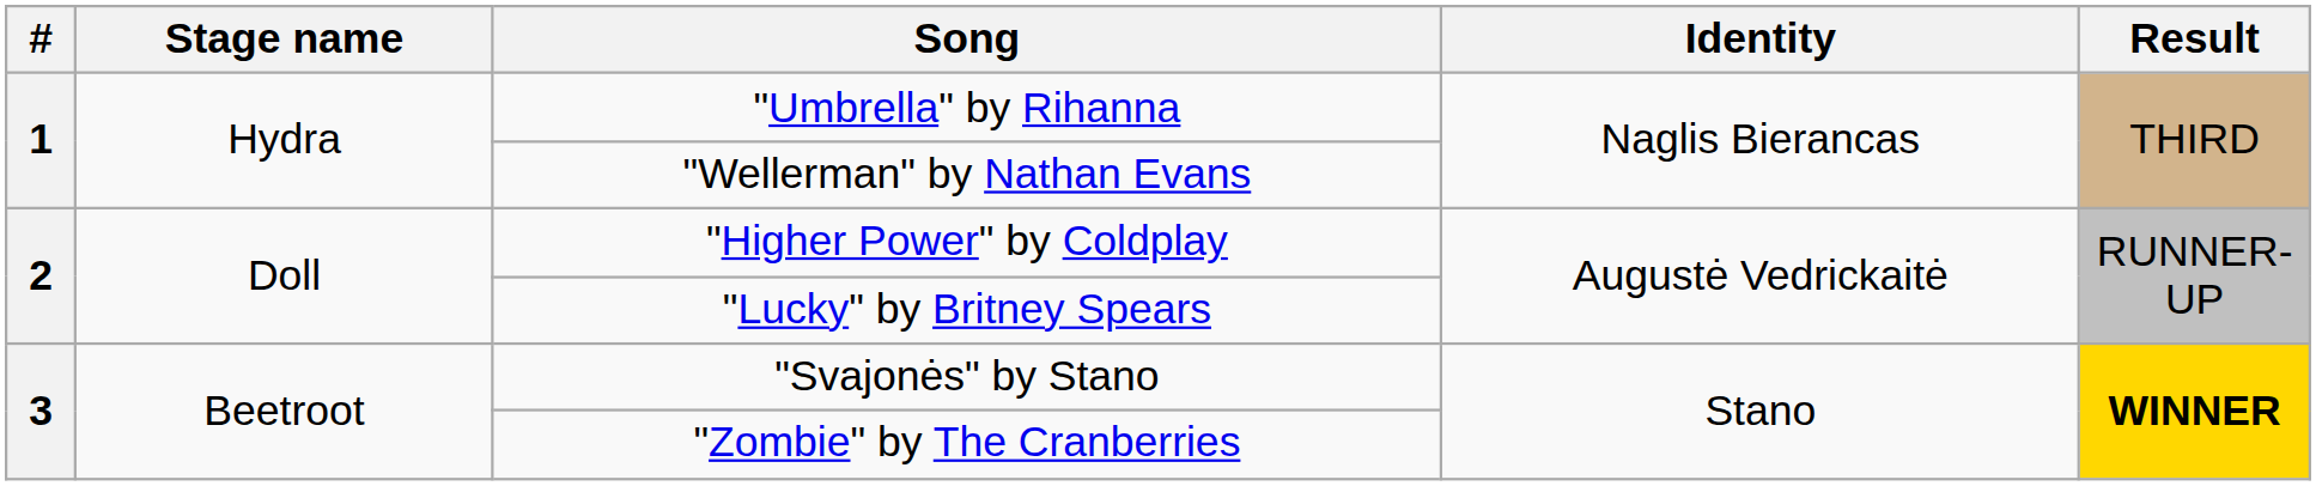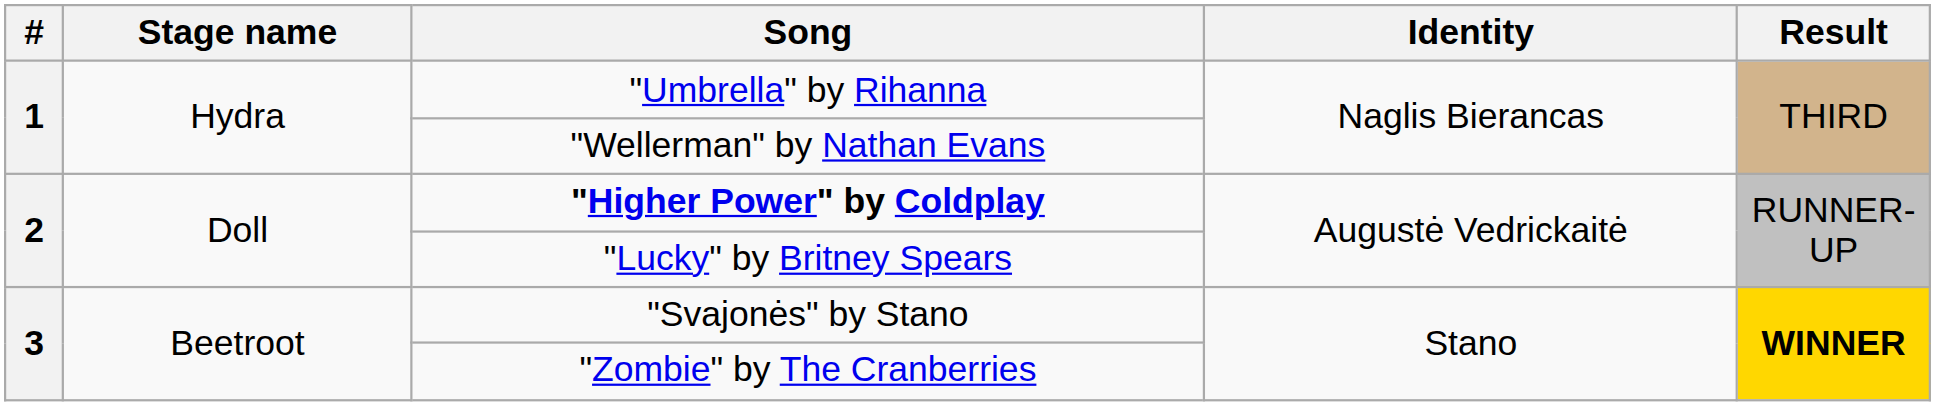 <table class="wikitable plainrowheaders" style="text-align: center;">
 <tr>
 <th>#</th>
 <th>Stage name</th>
 <th>Song</th>
 <th>Identity</th>
 <th>Result</th>
 </tr>
 <tr>
 <th rowspan="2">1</th>
 <td rowspan="2">Hydra</td>
 <td>"<a href='#'>Umbrella</a>" by <a href='#'>Rihanna</a></td>
 <td rowspan="2">Naglis Bierancas</td>
 <td rowspan="2" style="width:10%; background:tan; ">THIRD</td>
 </tr>
 <tr>
 <td>"Wellerman" by <a href='#'>Nathan Evans</a></td>
 </tr>
 <tr>
 <th rowspan="2">2</th>
 <td rowspan="2">Doll</td>
-<td>"<a href='#'>Higher Power</a>" by <a href='#'>Coldplay</a></td>
+<td><strong>"<a href='#'>Higher Power</a>" by <a href='#'>Coldplay</a></strong></td>
 <td rowspan="2">Augustė Vedrickaitė</td>
 <td rowspan="2"  bgcolor=silver>RUNNER-UP</td>
 </tr>
 <tr>
 <td>"<a href='#'>Lucky</a>" by <a href='#'>Britney Spears</a></td>
 </tr>
 <tr>
 <th rowspan="2">3</th>
 <td rowspan="2">Beetroot</td>
 <td>"Svajonės" by Stano</td>
 <td rowspan="2">Stano</td>
 <td rowspan="2" bgcolor=gold><strong>WINNER</strong></td>
 </tr>
 <tr>
 <td>"<a href='#'>Zombie</a>" by <a href='#'>The Cranberries</a></td>
 </tr>
 </table>
